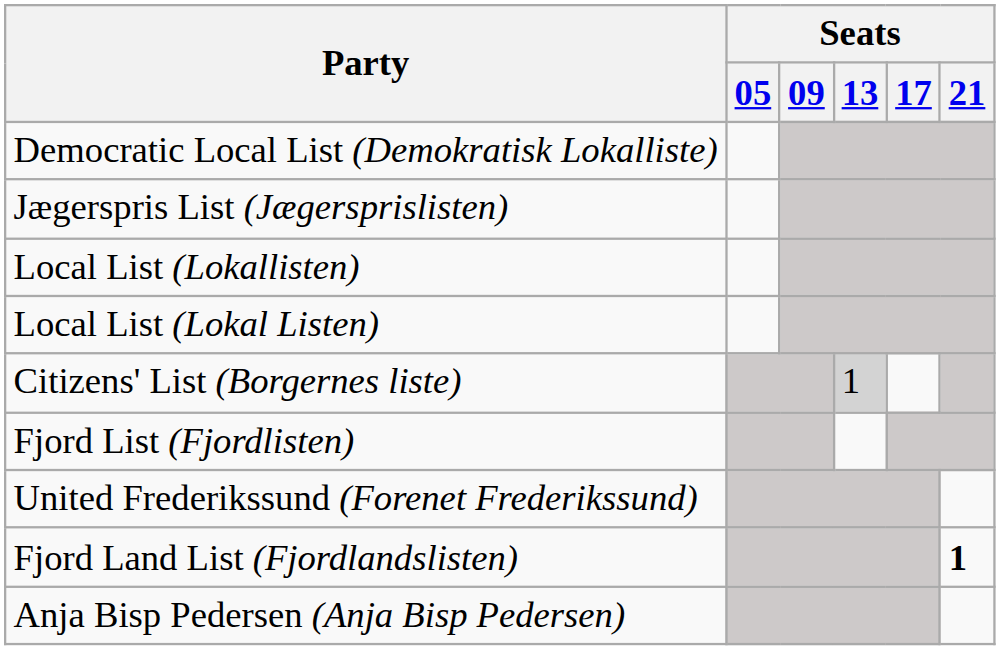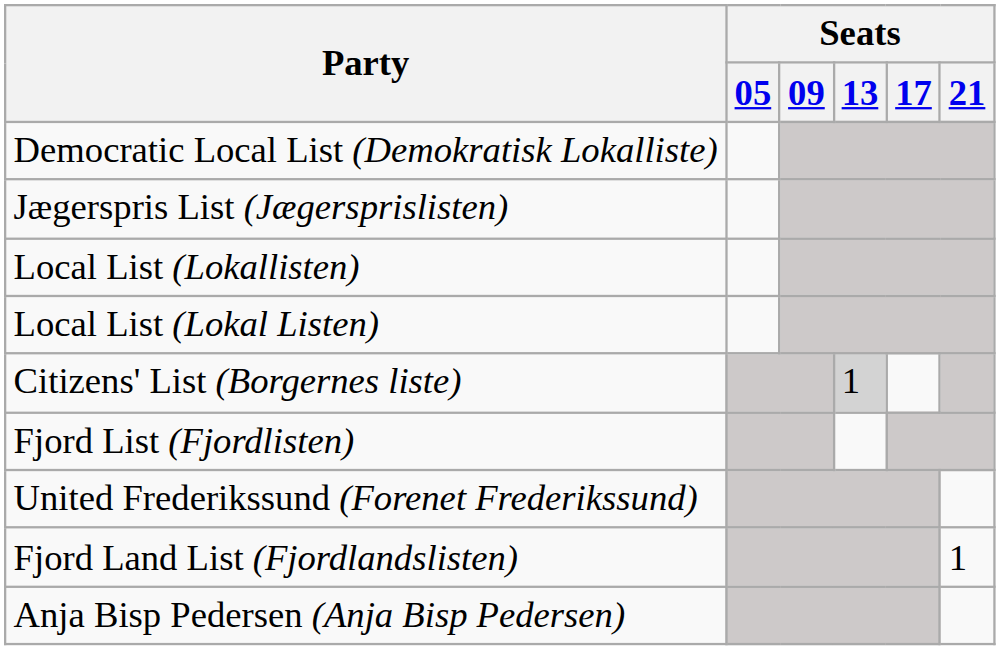 <table class="wikitable">
 <tr>
 <th rowspan=2>Party</th>
 <th colspan=11>Seats</th>
 </tr>
 <tr>
 <th><a href='#'>05</a></th>
 <th><a href='#'>09</a></th>
 <th><a href='#'>13</a></th>
 <th><a href='#'>17</a></th>
 <th><a href='#'>21</a></th>
 </tr>
 <tr>
 <td>Democratic Local List <em>(Demokratisk Lokalliste)</em></td>
 <td></td>
 <td style="background:#CDC9C9;" colspan=4></td>
 </tr>
 <tr>
 <td>Jægerspris List <em>(Jægersprislisten)</em></td>
 <td></td>
 <td style="background:#CDC9C9;" colspan=4></td>
 </tr>
 <tr>
 <td>Local List <em>(Lokallisten)</em></td>
 <td></td>
 <td style="background:#CDC9C9;" colspan=4></td>
 </tr>
 <tr>
 <td>Local List <em>(Lokal Listen)</em></td>
 <td></td>
 <td style="background:#CDC9C9;" colspan=4></td>
 </tr>
 <tr>
 <td>Citizens' List <em>(Borgernes liste)</em></td>
 <td style="background:#CDC9C9;" colspan=2></td>
 <td style="background: lightgrey;">1</td>
 <td></td>
 <td style="background:#CDC9C9;"></td>
 </tr>
 <tr>
 <td>Fjord List <em>(Fjordlisten)</em></td>
 <td style="background:#CDC9C9;" colspan=2></td>
 <td></td>
 <td style="background:#CDC9C9;" colspan=2></td>
 </tr>
 <tr>
 <td>United Frederikssund <em>(Forenet Frederikssund)</em></td>
 <td style="background:#CDC9C9;" colspan=4></td>
 <td></td>
 </tr>
 <tr>
 <td>Fjord Land List <em>(Fjordlandslisten)</em></td>
 <td style="background:#CDC9C9;" colspan=4></td>
-<td><strong>1</strong></td>
+<td>1</td>
 </tr>
 <tr>
 <td>Anja Bisp Pedersen <em>(Anja Bisp Pedersen)</em></td>
 <td style="background:#CDC9C9;" colspan=4></td>
 <td></td>
 </tr>
 </table>
